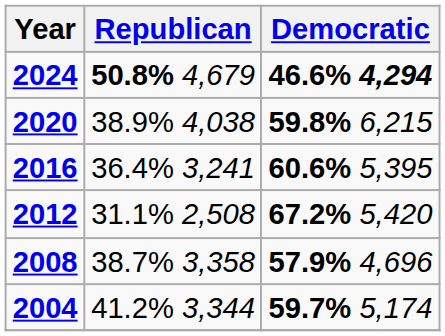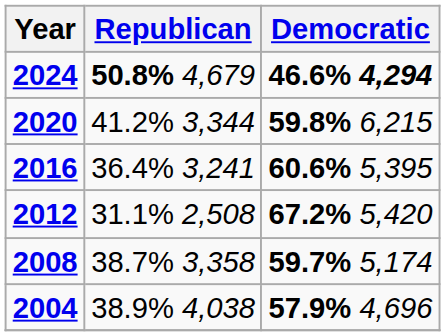 <table class="wikitable" style="float:right; margin: 1em 1em 1em 0; font-size: 95%;">
 <tr>
 <th>Year</th>
 <th><a href='#'>Republican</a></th>
 <th><a href='#'>Democratic</a></th>
 </tr>
 <tr>
 <td style="text-align:center; "><strong><a href='#'>2024</a></strong></td>
 <td style="text-align:center; "><strong>50.8%</strong> <em>4,679</em></td>
 <td style="text-align:center; "><strong>46.6% <em>4,294</em></strong></td>
 </tr>
 <tr>
 <td style="text-align:center; "><strong><a href='#'>2020</a></strong></td>
-<td style="text-align:center; ">38.9% <em>4,038</em></td>
+<td style="text-align:center; ">41.2% <em>3,344</em></td>
 <td style="text-align:center; "><strong>59.8%</strong>  <em>6,215</em></td>
 </tr>
 <tr>
 <td style="text-align:center; "><strong><a href='#'>2016</a></strong></td>
 <td style="text-align:center; ">36.4% <em>3,241</em></td>
 <td style="text-align:center; "><strong>60.6%</strong>  <em>5,395</em></td>
 </tr>
 <tr>
 <td style="text-align:center; "><strong><a href='#'>2012</a></strong></td>
 <td style="text-align:center; ">31.1% <em>2,508</em></td>
 <td style="text-align:center; "><strong>67.2%</strong>  <em>5,420</em></td>
 </tr>
 <tr>
 <td style="text-align:center; "><strong><a href='#'>2008</a></strong></td>
 <td style="text-align:center; ">38.7% <em>3,358</em></td>
-<td style="text-align:center; "><strong>57.9%</strong> <em>4,696</em></td>
+<td style="text-align:center; "><strong>59.7%</strong>  <em>5,174</em></td>
 </tr>
 <tr>
 <td style="text-align:center; "><strong><a href='#'>2004</a></strong></td>
-<td style="text-align:center; ">41.2% <em>3,344</em></td>
-<td style="text-align:center; "><strong>59.7%</strong>  <em>5,174</em></td>
+<td style="text-align:center; ">38.9% <em>4,038</em></td>
+<td style="text-align:center; "><strong>57.9%</strong> <em>4,696</em></td>
 </tr>
 <tr>
 </tr>
 </table>
